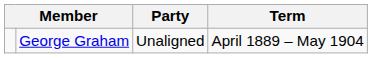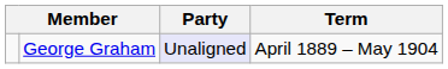 <table class="wikitable">
 <tr>
 <th colspan="2">Member</th>
 <th>Party</th>
 <th>Term</th>
 </tr>
 <tr>
 <td> </td>
 <td><a href='#'>George Graham</a></td>
-<td>Unaligned</td>
+<td style="background: lavender;">Unaligned</td>
 <td>April 1889 – May 1904</td>
 </tr>
 </table>
